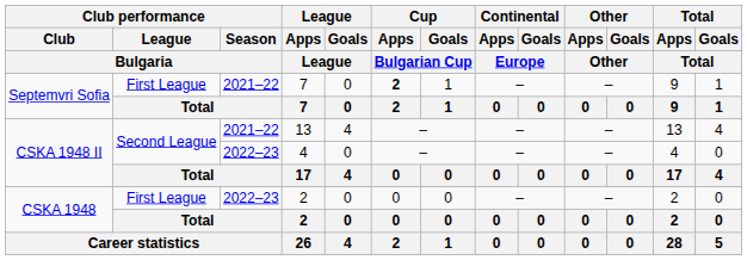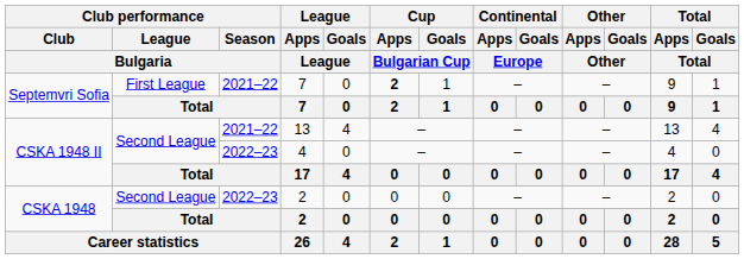 <table class="wikitable" style="text-align: center">
 <tr>
 <th colspan="3">Club performance</th>
 <th colspan="2">League</th>
 <th colspan="2">Cup</th>
 <th colspan="2">Continental</th>
 <th colspan="2">Other</th>
 <th colspan="3">Total</th>
 </tr>
 <tr>
 <th>Club</th>
 <th>League</th>
 <th>Season</th>
 <th>Apps</th>
 <th>Goals</th>
 <th>Apps</th>
 <th>Goals</th>
 <th>Apps</th>
 <th>Goals</th>
 <th>Apps</th>
 <th>Goals</th>
 <th>Apps</th>
 <th>Goals</th>
 </tr>
 <tr>
 <th colspan="3">Bulgaria</th>
 <th colspan="2">League</th>
 <th colspan="2"><a href='#'>Bulgarian Cup</a></th>
 <th colspan="2"><a href='#'>Europe</a></th>
 <th colspan="2">Other</th>
 <th colspan="2">Total</th>
 </tr>
 <tr>
 <td rowspan="2" valign="center"><a href='#'>Septemvri Sofia</a></td>
 <td rowspan="1"><a href='#'>First League</a></td>
 <td><a href='#'>2021–22</a></td>
 <td>7</td>
 <td>0</td>
 <td><strong>2</strong></td>
 <td>1</td>
 <td colspan="2">–</td>
 <td colspan="2">–</td>
 <td>9</td>
 <td>1</td>
 </tr>
 <tr>
 <th colspan=2>Total</th>
 <th>7</th>
 <th>0</th>
 <th>2</th>
 <th>1</th>
 <th>0</th>
 <th>0</th>
 <th>0</th>
 <th>0</th>
 <th>9</th>
 <th>1</th>
 </tr>
 <tr>
 <td rowspan="3" valign="center"><a href='#'>CSKA 1948 II</a></td>
 <td rowspan="2"><a href='#'>Second League</a></td>
 <td><a href='#'>2021–22</a></td>
 <td>13</td>
 <td>4</td>
 <td colspan="2">–</td>
 <td colspan="2">–</td>
 <td colspan="2">–</td>
 <td>13</td>
 <td>4</td>
 </tr>
 <tr>
 <td><a href='#'>2022–23</a></td>
 <td>4</td>
 <td>0</td>
 <td colspan="2">–</td>
 <td colspan="2">–</td>
 <td colspan="2">–</td>
 <td>4</td>
 <td>0</td>
 </tr>
 <tr>
 <th colspan=2>Total</th>
 <th>17</th>
 <th>4</th>
 <th>0</th>
 <th>0</th>
 <th>0</th>
 <th>0</th>
 <th>0</th>
 <th>0</th>
 <th>17</th>
 <th>4</th>
 </tr>
 <tr>
 <td rowspan="2" valign="center"><a href='#'>CSKA 1948</a></td>
-<td rowspan="1"><a href='#'>First League</a></td>
+<td rowspan="1"><a href='#'>Second League</a></td>
 <td><a href='#'>2022–23</a></td>
 <td>2</td>
 <td>0</td>
 <td>0</td>
 <td>0</td>
 <td colspan="2">–</td>
 <td colspan="2">–</td>
 <td>2</td>
 <td>0</td>
 </tr>
 <tr>
 <th colspan=2>Total</th>
 <th>2</th>
 <th>0</th>
 <th>0</th>
 <th>0</th>
 <th>0</th>
 <th>0</th>
 <th>0</th>
 <th>0</th>
 <th>2</th>
 <th>0</th>
 </tr>
 <tr>
 <th colspan="3">Career statistics</th>
 <th>26</th>
 <th>4</th>
 <th>2</th>
 <th>1</th>
 <th>0</th>
 <th>0</th>
 <th>0</th>
 <th>0</th>
 <th>28</th>
 <th>5</th>
 </tr>
 </table>
